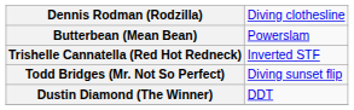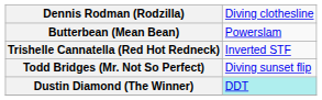 <table class=wikitable style="font-size:90%; margin: 0.5em 0 0.5em 1em; float: right">
 <tr>
 <th>Dennis Rodman (Rodzilla)</th>
 <td><a href='#'>Diving clothesline</a></td>
 </tr>
 <tr>
 <th>Butterbean (Mean Bean)</th>
 <td><a href='#'>Powerslam</a></td>
 </tr>
 <tr>
 <th>Trishelle Cannatella (Red Hot Redneck)</th>
 <td><a href='#'>Inverted STF</a></td>
 </tr>
 <tr>
 <th>Todd Bridges (Mr. Not So Perfect)</th>
 <td><a href='#'>Diving sunset flip</a></td>
 </tr>
 <tr>
 <th>Dustin Diamond (The Winner)</th>
-<td><a href='#'>DDT</a></td>
+<td style="background: paleturquoise;"><a href='#'>DDT</a></td>
 </tr>
 <tr>
 </tr>
 </table>
